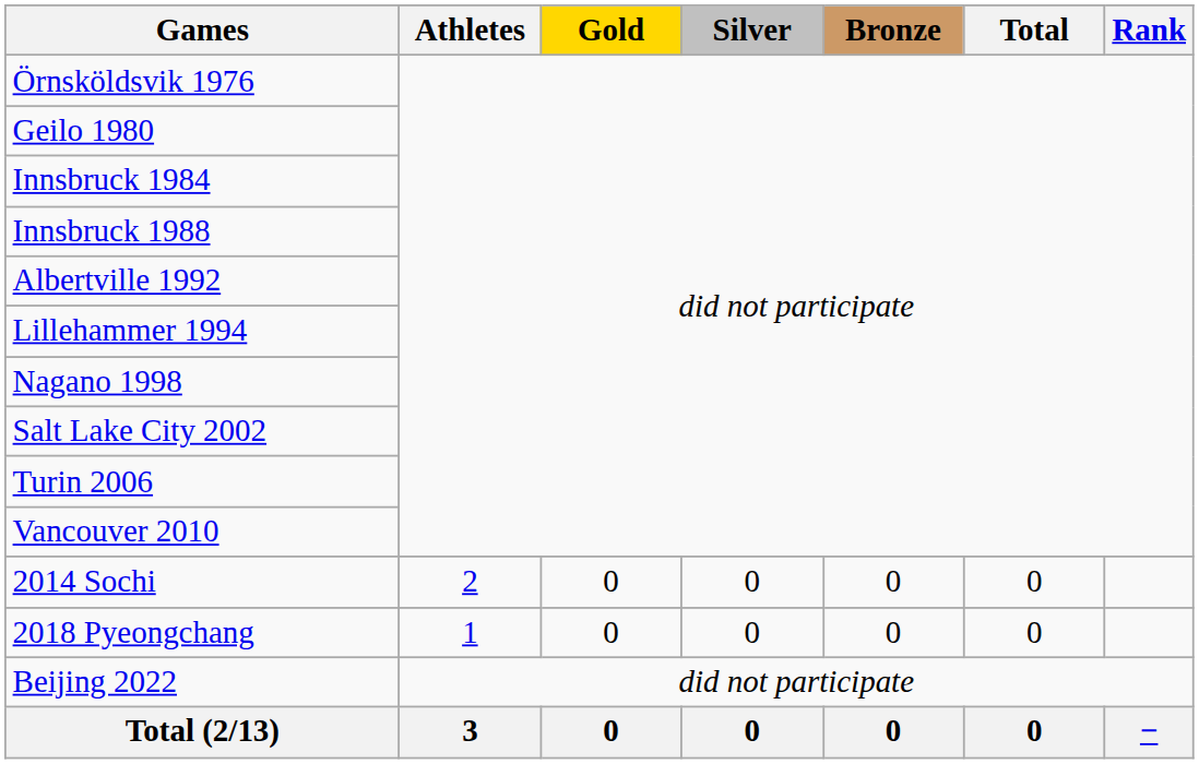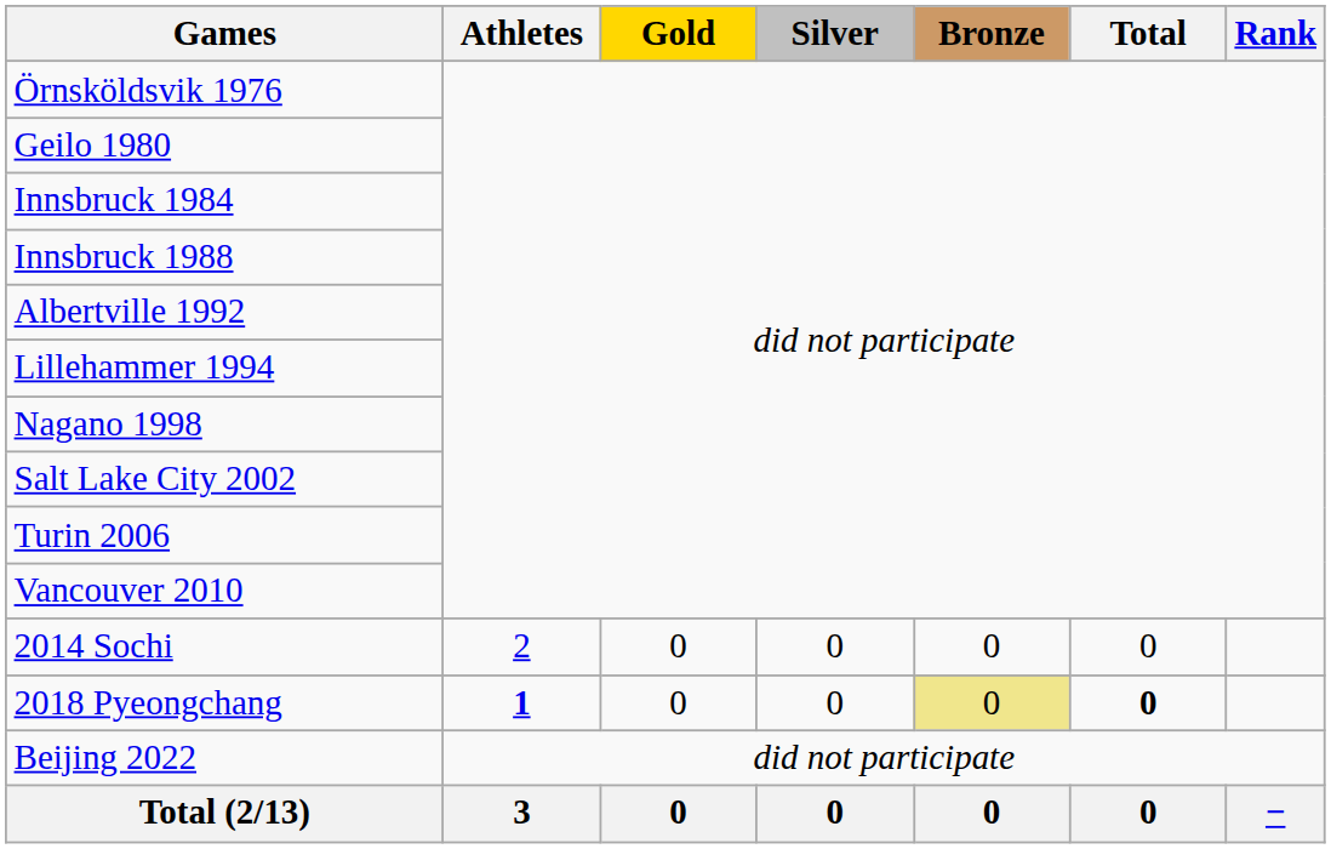 <table class="wikitable" style="text-align:center; font-size:100%;">
 <tr>
 <th style="width:12em;">Games</th>
 <th style="width:4em;">Athletes</th>
 <th style="width:4em; background:gold;">Gold</th>
 <th style="width:4em; background:silver;">Silver</th>
 <th style="width:4em; background:#cc9966;">Bronze</th>
 <th style="width:4em;">Total</th>
 <th style="width:2em;"><a href='#'>Rank</a></th>
 </tr>
 <tr>
 <td align=left> <a href='#'>Örnsköldsvik 1976</a></td>
 <td colspan=6 rowspan=10><em>did not participate</em></td>
 </tr>
 <tr>
 <td align=left> <a href='#'>Geilo 1980</a></td>
 </tr>
 <tr>
 <td align=left> <a href='#'>Innsbruck 1984</a></td>
 </tr>
 <tr>
 <td align=left> <a href='#'>Innsbruck 1988</a></td>
 </tr>
 <tr>
 <td align=left> <a href='#'>Albertville 1992</a></td>
 </tr>
 <tr>
 <td align=left> <a href='#'>Lillehammer 1994</a></td>
 </tr>
 <tr>
 <td align=left> <a href='#'>Nagano 1998</a></td>
 </tr>
 <tr>
 <td align=left> <a href='#'>Salt Lake City 2002</a></td>
 </tr>
 <tr>
 <td align=left> <a href='#'>Turin 2006</a></td>
 </tr>
 <tr>
 <td align=left> <a href='#'>Vancouver 2010</a></td>
 </tr>
 <tr>
 <td align=left> <a href='#'>2014 Sochi</a></td>
 <td><a href='#'>2</a></td>
 <td>0</td>
 <td>0</td>
 <td>0</td>
 <td>0</td>
 <td></td>
 </tr>
 <tr>
 <td align=left> <a href='#'>2018 Pyeongchang</a></td>
-<td><a href='#'>1</a></td>
+<td><strong><a href='#'>1</a></strong></td>
 <td>0</td>
 <td>0</td>
-<td>0</td>
-<td>0</td>
+<td style="background: khaki;">0</td>
+<td><strong>0</strong></td>
 <td></td>
 </tr>
 <tr>
 <td align=left> <a href='#'>Beijing 2022</a></td>
 <td colspan=6 rowspan=1><em>did not participate</em></td>
 </tr>
 <tr>
 <th colspan=1>Total (2/13)</th>
 <th>3</th>
 <th>0</th>
 <th>0</th>
 <th>0</th>
 <th>0</th>
 <th><a href='#'>−</a></th>
 </tr>
 </table>
